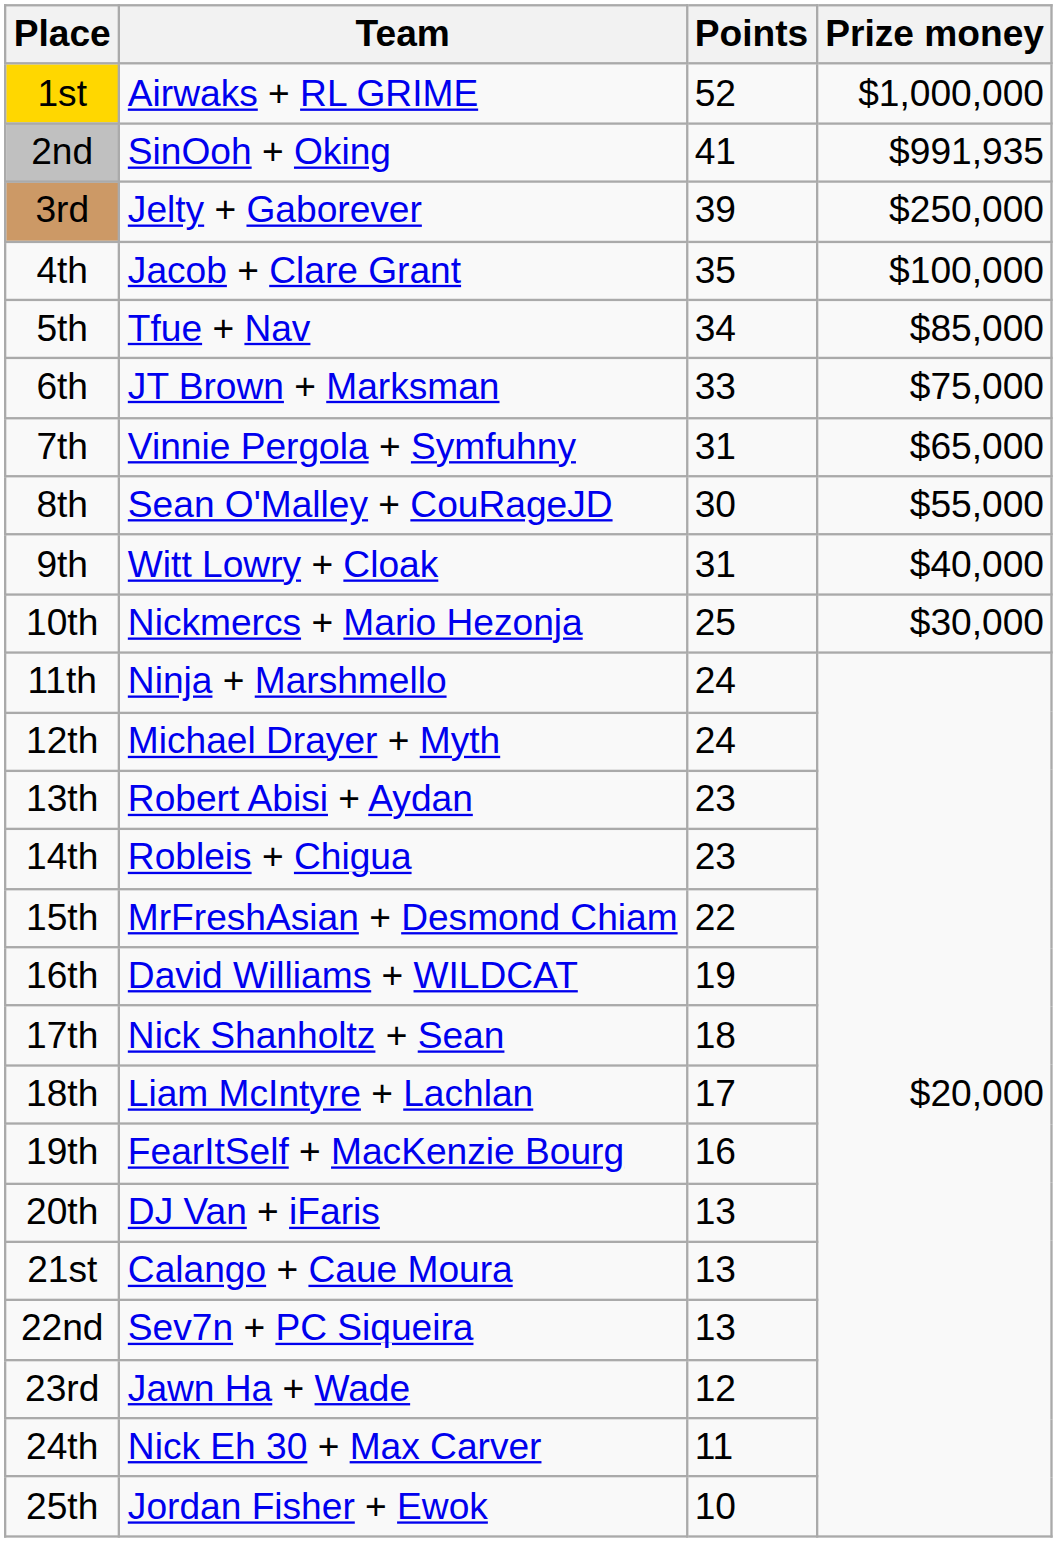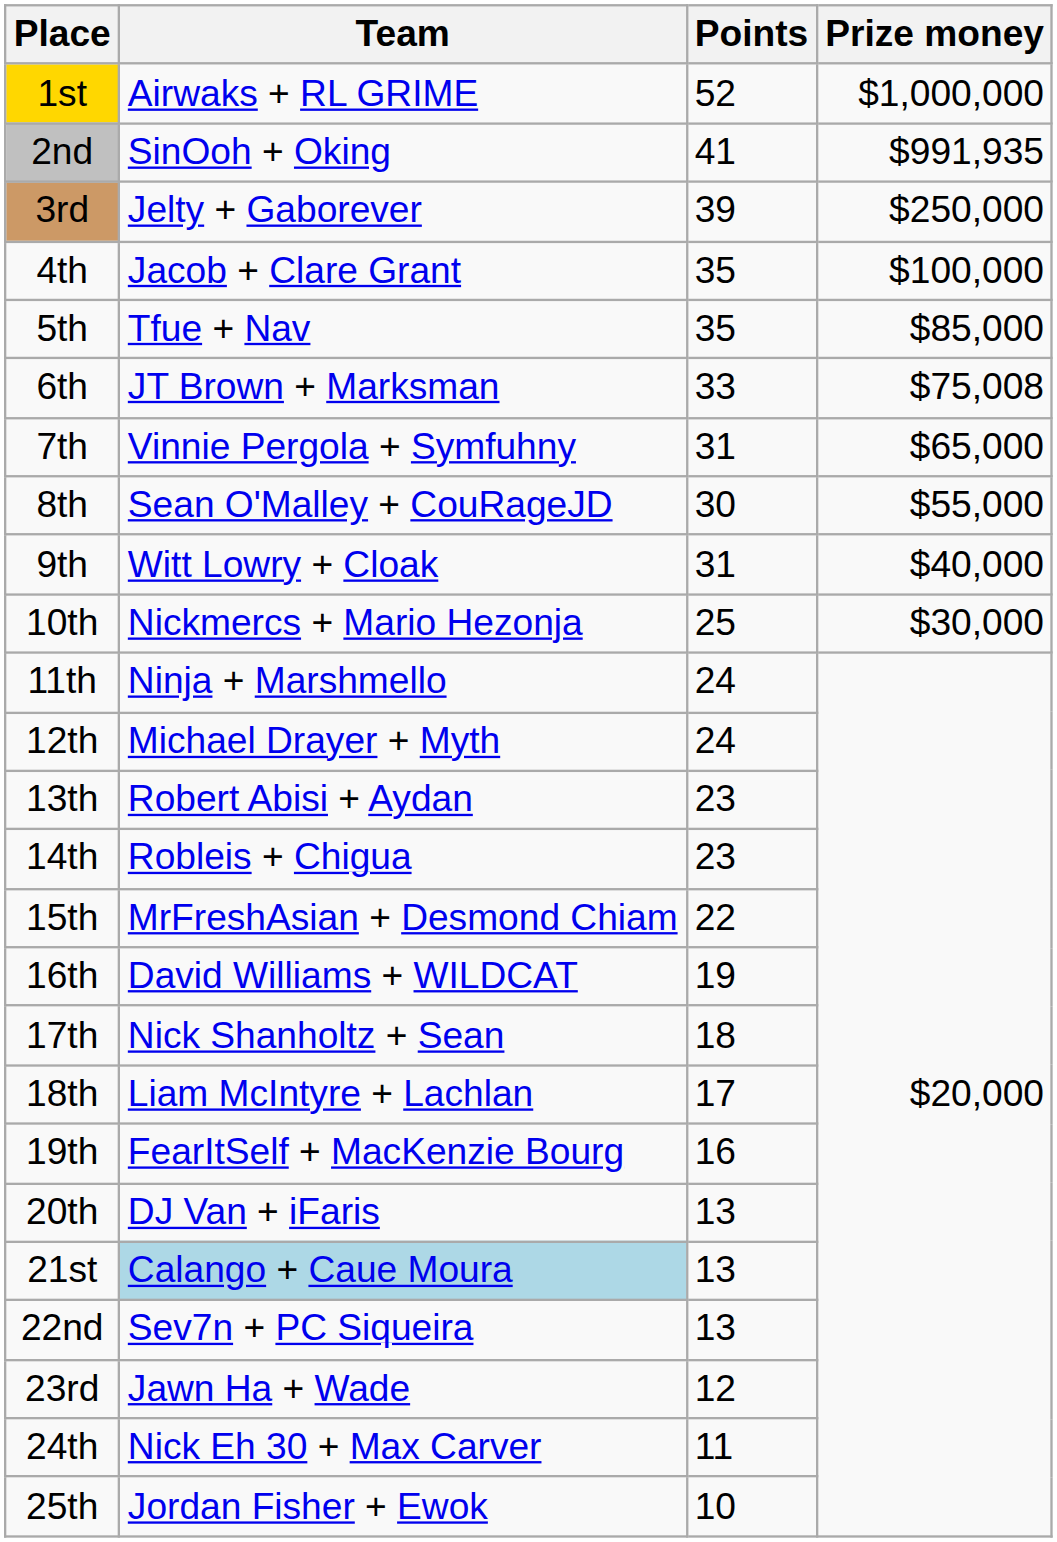 <table class="wikitable" style="display: inline-table;text-align:left">
 <tr>
 <th>Place</th>
 <th>Team</th>
 <th>Points</th>
 <th>Prize money</th>
 </tr>
 <tr>
 <td style="text-align:center; background:gold;">1st</td>
 <td><a href='#'>Airwaks</a> + <a href='#'>RL GRIME</a></td>
 <td>52</td>
 <td style="text-align:right">$1,000,000</td>
 </tr>
 <tr>
 <td style="text-align:center; background:silver;">2nd</td>
 <td><a href='#'>SinOoh</a> + <a href='#'>Oking</a></td>
 <td>41</td>
 <td style="text-align:right">$991,935</td>
 </tr>
 <tr>
 <td style="text-align:center; background:#c96;">3rd</td>
 <td><a href='#'>Jelty</a> + <a href='#'>Gaborever</a></td>
 <td>39</td>
 <td style="text-align:right">$250,000</td>
 </tr>
 <tr>
 <td style="text-align:center">4th</td>
 <td><a href='#'>Jacob</a> + <a href='#'>Clare Grant</a></td>
 <td>35</td>
 <td style="text-align:right">$100,000</td>
 </tr>
 <tr>
 <td style="text-align:center">5th</td>
 <td><a href='#'>Tfue</a> + <a href='#'>Nav</a></td>
-<td>34</td>
+<td>35</td>
 <td style="text-align:right">$85,000</td>
 </tr>
 <tr>
 <td style="text-align:center">6th</td>
 <td><a href='#'>JT Brown</a> + <a href='#'>Marksman</a></td>
 <td>33</td>
-<td style="text-align:right">$75,000</td>
+<td style="text-align:right">$75,008</td>
 </tr>
 <tr>
 <td style="text-align:center">7th</td>
 <td><a href='#'>Vinnie Pergola</a> + <a href='#'>Symfuhny</a></td>
 <td>31</td>
 <td style="text-align:right">$65,000</td>
 </tr>
 <tr>
 <td style="text-align:center">8th</td>
 <td><a href='#'>Sean O'Malley</a> + <a href='#'>CouRageJD</a></td>
 <td>30</td>
 <td style="text-align:right">$55,000</td>
 </tr>
 <tr>
 <td style="text-align:center">9th</td>
 <td><a href='#'>Witt Lowry</a> + <a href='#'>Cloak</a></td>
 <td>31</td>
 <td style="text-align:right">$40,000</td>
 </tr>
 <tr>
 <td style="text-align:center">10th</td>
 <td><a href='#'>Nickmercs</a> + <a href='#'>Mario Hezonja</a></td>
 <td>25</td>
 <td style="text-align:right">$30,000</td>
 </tr>
 <tr>
 <td style="text-align:center">11th</td>
 <td><a href='#'>Ninja</a> + <a href='#'>Marshmello</a></td>
 <td>24</td>
 <td style="text-align:right" rowspan="15">$20,000</td>
 </tr>
 <tr>
 <td style="text-align:center">12th</td>
 <td><a href='#'>Michael Drayer</a> + <a href='#'>Myth</a></td>
 <td>24</td>
 </tr>
 <tr>
 <td style="text-align:center">13th</td>
 <td><a href='#'>Robert Abisi</a> + <a href='#'>Aydan</a></td>
 <td>23</td>
 </tr>
 <tr>
 <td style="text-align:center">14th</td>
 <td><a href='#'>Robleis</a> + <a href='#'>Chigua</a></td>
 <td>23</td>
 </tr>
 <tr>
 <td style="text-align:center">15th</td>
 <td><a href='#'>MrFreshAsian</a> + <a href='#'>Desmond Chiam</a></td>
 <td>22</td>
 </tr>
 <tr>
 <td style="text-align:center">16th</td>
 <td><a href='#'>David Williams</a> + <a href='#'>WILDCAT</a></td>
 <td>19</td>
 </tr>
 <tr>
 <td style="text-align:center">17th</td>
 <td><a href='#'>Nick Shanholtz</a> + <a href='#'>Sean</a></td>
 <td>18</td>
 </tr>
 <tr>
 <td style="text-align:center">18th</td>
 <td><a href='#'>Liam McIntyre</a> + <a href='#'>Lachlan</a></td>
 <td>17</td>
 </tr>
 <tr>
 <td style="text-align:center">19th</td>
 <td><a href='#'>FearItSelf</a> + <a href='#'>MacKenzie Bourg</a></td>
 <td>16</td>
 </tr>
 <tr>
 <td style="text-align:center">20th</td>
 <td><a href='#'>DJ Van</a> + <a href='#'>iFaris</a></td>
 <td>13</td>
 </tr>
 <tr>
 <td style="text-align:center">21st</td>
-<td><a href='#'>Calango</a> + <a href='#'>Caue Moura</a></td>
+<td style="background: lightblue;"><a href='#'>Calango</a> + <a href='#'>Caue Moura</a></td>
 <td>13</td>
 </tr>
 <tr>
 <td style="text-align:center">22nd</td>
 <td><a href='#'>Sev7n</a> + <a href='#'>PC Siqueira</a></td>
 <td>13</td>
 </tr>
 <tr>
 <td style="text-align:center">23rd</td>
 <td><a href='#'>Jawn Ha</a> + <a href='#'>Wade</a></td>
 <td>12</td>
 </tr>
 <tr>
 <td style="text-align:center">24th</td>
 <td><a href='#'>Nick Eh 30</a> + <a href='#'>Max Carver</a></td>
 <td>11</td>
 </tr>
 <tr>
 <td style="text-align:center">25th</td>
 <td><a href='#'>Jordan Fisher</a> + <a href='#'>Ewok</a></td>
 <td>10</td>
 </tr>
 </table>
